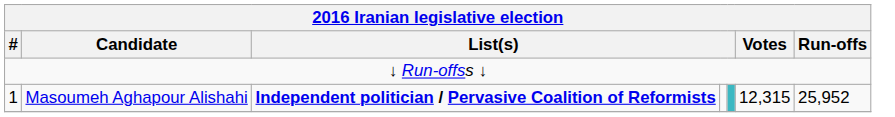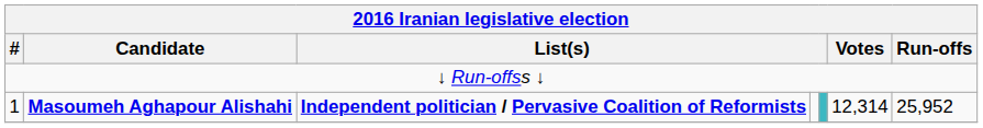 <table class=wikitable style=text-align:left>
 <tr>
 <th colspan="7" align=center><a href='#'>2016 Iranian legislative election</a></th>
 </tr>
 <tr>
 <th>#</th>
 <th>Candidate</th>
 <th colspan="3">List(s)</th>
 <th>Votes</th>
 <th>Run-offs</th>
 </tr>
 <tr>
 <td colspan="7" align=center>↓ <em><a href='#'>Run-offs</a>s</em> ↓</td>
 </tr>
 <tr>
 <td>1</td>
-<td><a href='#'>Masoumeh Aghapour Alishahi</a></td>
+<td><strong><a href='#'>Masoumeh Aghapour Alishahi</a></strong></td>
 <td><strong><a href='#'>Independent politician</a>  / <a href='#'>Pervasive Coalition of Reformists</a> </strong></td>
 <td></td>
 <td style="background:#3cb8c2"></td>
-<td>12,315</td>
+<td>12,314</td>
 <td>25,952</td>
 </tr>
 <tr>
 </tr>
 </table>
